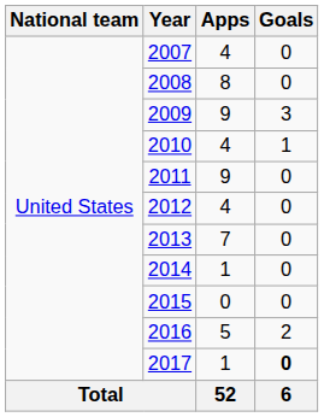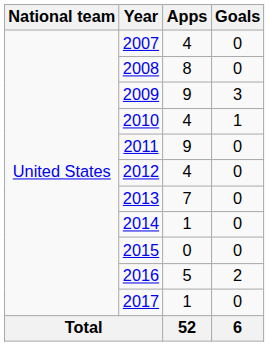 <table class="wikitable" style="text-align:center">
 <tr>
 <th>National team</th>
 <th>Year</th>
 <th>Apps</th>
 <th>Goals</th>
 </tr>
 <tr>
 <td rowspan="11"><a href='#'>United States</a></td>
 <td><a href='#'>2007</a></td>
 <td>4</td>
 <td>0</td>
 </tr>
 <tr>
 <td><a href='#'>2008</a></td>
 <td>8</td>
 <td>0</td>
 </tr>
 <tr>
 <td><a href='#'>2009</a></td>
 <td>9</td>
 <td>3</td>
 </tr>
 <tr>
 <td><a href='#'>2010</a></td>
 <td>4</td>
 <td>1</td>
 </tr>
 <tr>
 <td><a href='#'>2011</a></td>
 <td>9</td>
 <td>0</td>
 </tr>
 <tr>
 <td><a href='#'>2012</a></td>
 <td>4</td>
 <td>0</td>
 </tr>
 <tr>
 <td><a href='#'>2013</a></td>
 <td>7</td>
 <td>0</td>
 </tr>
 <tr>
 <td><a href='#'>2014</a></td>
 <td>1</td>
 <td>0</td>
 </tr>
 <tr>
 <td><a href='#'>2015</a></td>
 <td>0</td>
 <td>0</td>
 </tr>
 <tr>
 <td><a href='#'>2016</a></td>
 <td>5</td>
 <td>2</td>
 </tr>
 <tr>
 <td><a href='#'>2017</a></td>
 <td>1</td>
-<td><strong>0</strong></td>
+<td>0</td>
 </tr>
 <tr>
 <th colspan="2">Total</th>
 <th>52</th>
 <th>6</th>
 </tr>
 </table>
